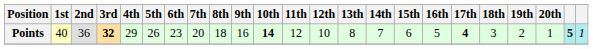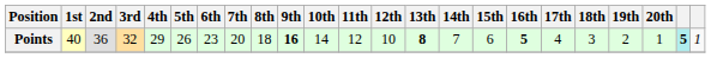 <table class="wikitable" style="font-size: 85%">
 <tr>
 <th>Position</th>
 <th>1st</th>
 <th>2nd</th>
 <th>3rd</th>
 <th>4th</th>
 <th>5th</th>
 <th>6th</th>
 <th>7th</th>
 <th>8th</th>
 <th>9th</th>
 <th>10th</th>
 <th>11th</th>
 <th>12th</th>
 <th>13th</th>
 <th>14th</th>
 <th>15th</th>
 <th>16th</th>
 <th>17th</th>
 <th>18th</th>
 <th>19th</th>
 <th>20th</th>
 <th></th>
 <th></th>
 </tr>
 <tr align="center">
 <th>Points</th>
 <td style="background:#FFFFBF;">40</td>
 <td style="background:#DFDFDF;">36</td>
-<td style="background:#FFDF9F;"><strong>32</strong></td>
+<td style="background:#FFDF9F;">32</td>
 <td style="background:#DFFFDF;">29</td>
 <td style="background:#DFFFDF;">26</td>
 <td style="background:#DFFFDF;">23</td>
 <td style="background:#DFFFDF;">20</td>
 <td style="background:#DFFFDF;">18</td>
-<td style="background:#DFFFDF;">16</td>
-<td style="background:#DFFFDF;"><strong>14</strong></td>
+<td style="background:#DFFFDF;"><strong>16</strong></td>
+<td style="background:#DFFFDF;">14</td>
 <td style="background:#DFFFDF;">12</td>
 <td style="background:#DFFFDF;">10</td>
-<td style="background:#DFFFDF;">8</td>
+<td style="background:#DFFFDF;"><strong>8</strong></td>
 <td style="background:#DFFFDF;">7</td>
 <td style="background:#DFFFDF;">6</td>
-<td style="background:#DFFFDF;">5</td>
-<td style="background:#DFFFDF;"><strong>4</strong></td>
+<td style="background:#DFFFDF;"><strong>5</strong></td>
+<td style="background:#DFFFDF;">4</td>
 <td style="background:#DFFFDF;">3</td>
 <td style="background:#DFFFDF;">2</td>
 <td style="background:#DFFFDF;">1</td>
 <td style="background: paleturquoise;"><strong>5</strong></td>
-<td style="background: paleturquoise;"><em>1</em></td>
+<td><em>1</em></td>
 </tr>
 <tr align="center">
 </tr>
 </table>
